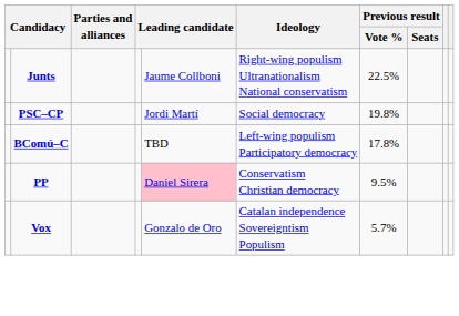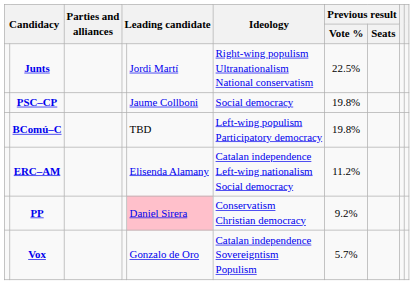 <table class="wikitable" style="line-height:1.35em; text-align:left;">
 <tr>
 <th colspan="2" rowspan="2">Candidacy</th>
 <th rowspan="2">Parties and<br>alliances</th>
 <th colspan="2" rowspan="2">Leading candidate</th>
 <th rowspan="2">Ideology</th>
 <th colspan="2">Previous result</th>
 <th rowspan="2"></th>
 <th rowspan="2"></th>
 </tr>
 <tr>
 <th>Vote %</th>
 <th>Seats</th>
 </tr>
 <tr>
 <td width="1" style="color:inherit;background:"></td>
 <td align="center"><strong><a href='#'>Junts</a></strong></td>
 <td></td>
 <td></td>
-<td><a href='#'>Jaume Collboni</a></td>
+<td><a href='#'>Jordi Martí</a></td>
 <td><a href='#'>Right-wing populism</a><br><a href='#'>Ultranationalism</a><br><a href='#'>National conservatism</a></td>
 <td align="center">22.5%</td>
 <td></td>
 <td></td>
 <td><br></td>
 </tr>
 <tr>
 <td style="color:inherit;background:"></td>
 <td align="center"><strong><a href='#'>PSC–CP</a></strong></td>
 <td></td>
 <td></td>
-<td><a href='#'>Jordi Martí</a></td>
+<td><a href='#'>Jaume Collboni</a></td>
 <td><a href='#'>Social democracy</a></td>
 <td align="center">19.8%</td>
 <td></td>
 <td></td>
 <td></td>
 </tr>
 <tr>
 <td style="color:inherit;background:"></td>
 <td align="center"><strong><a href='#'>BComú–C</a></strong></td>
 <td></td>
 <td></td>
 <td>TBD</td>
 <td><a href='#'>Left-wing populism</a><br><a href='#'>Participatory democracy</a></td>
-<td align="center">17.8%</td>
+<td align="center">19.8%</td>
+<td></td>
+<td></td>
+<td></td>
+</tr>
+<tr>
+<td style="color:inherit;background:"></td>
+<td align="center"><strong><a href='#'>ERC–AM</a></strong></td>
+<td></td>
+<td></td>
+<td><a href='#'>Elisenda Alamany</a></td>
+<td><a href='#'>Catalan independence</a><br><a href='#'>Left-wing nationalism</a><br><a href='#'>Social democracy</a></td>
+<td align="center">11.2%</td>
 <td></td>
 <td></td>
 <td></td>
 </tr>
 <tr>
 <td style="color:inherit;background:"></td>
 <td align="center"><strong><a href='#'>PP</a></strong></td>
 <td></td>
 <td></td>
 <td style="background: pink;"><a href='#'>Daniel Sirera</a></td>
 <td><a href='#'>Conservatism</a><br><a href='#'>Christian democracy</a></td>
-<td align="center">9.5%</td>
+<td align="center">9.2%</td>
 <td></td>
 <td></td>
 <td></td>
 </tr>
 <tr>
 <td style="color:inherit;background:"></td>
 <td align="center"><strong><a href='#'>Vox</a></strong></td>
 <td></td>
 <td></td>
 <td><a href='#'>Gonzalo de Oro</a></td>
 <td><a href='#'>Catalan independence</a><br><a href='#'>Sovereigntism</a><br><a href='#'>Populism</a></td>
 <td align="center">5.7%</td>
 <td></td>
 <td></td>
 <td></td>
 </tr>
 </table>
